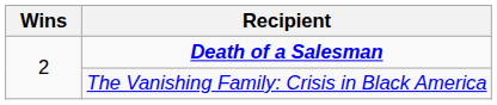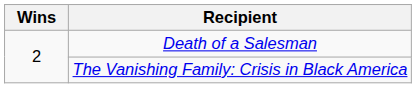 <table class="wikitable sortable" rowspan="2" style="text-align:center;" background: #f6e39c;>
 <tr>
 <th scope="col" style="width:55px;">Wins</th>
 <th scope="col" style="text-align:center;">Recipient</th>
 </tr>
 <tr>
 <td rowspan=2 style="text-align:center">2</td>
-<td><strong><em><a href='#'>Death of a Salesman</a></em></strong></td>
+<td><em><a href='#'>Death of a Salesman</a></em></td>
 </tr>
 <tr>
 <td><em><a href='#'>The Vanishing Family: Crisis in Black America</a></em></td>
 </tr>
 </table>
